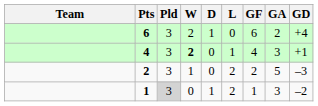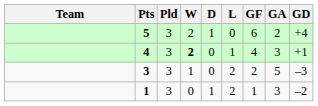 <table class=wikitable style="text-align:center">
 <tr>
 <th width=165>Team</th>
 <th width=20>Pts</th>
 <th width=20>Pld</th>
 <th width=20>W</th>
 <th width=20>D</th>
 <th width=20>L</th>
 <th width=20>GF</th>
 <th width=20>GA</th>
 <th width=20>GD</th>
 </tr>
 <tr align=center style="background:#ccffcc;">
 <td style="text-align:left;"></td>
-<td><strong>6</strong></td>
+<td><strong>5</strong></td>
 <td>3</td>
 <td>2</td>
 <td>1</td>
 <td>0</td>
 <td>6</td>
 <td>2</td>
 <td>+4</td>
 </tr>
 <tr align=center style="background:#ccffcc;">
 <td style="text-align:left;"></td>
 <td><strong>4</strong></td>
 <td>3</td>
 <td><strong>2</strong></td>
 <td>0</td>
 <td>1</td>
 <td>4</td>
 <td>3</td>
 <td>+1</td>
 </tr>
 <tr align=center>
 <td style="text-align:left;"></td>
-<td><strong>2</strong></td>
+<td><strong>3</strong></td>
 <td>3</td>
 <td>1</td>
 <td>0</td>
 <td>2</td>
 <td>2</td>
 <td>5</td>
 <td>–3</td>
 </tr>
 <tr align=center>
 <td style="text-align:left;"></td>
 <td><strong>1</strong></td>
-<td style="background: lightgrey;">3</td>
+<td>3</td>
 <td>0</td>
 <td>1</td>
 <td>2</td>
 <td>1</td>
 <td>3</td>
 <td>–2</td>
 </tr>
 </table>
